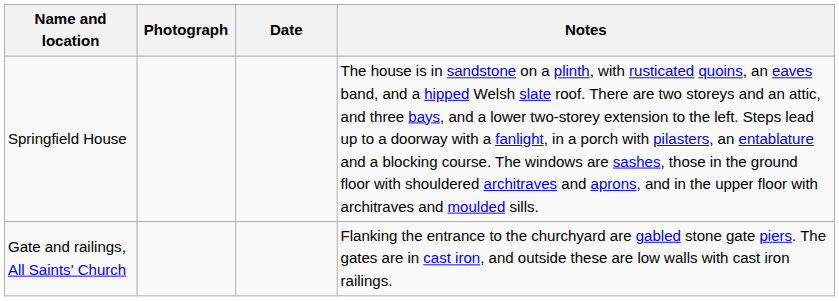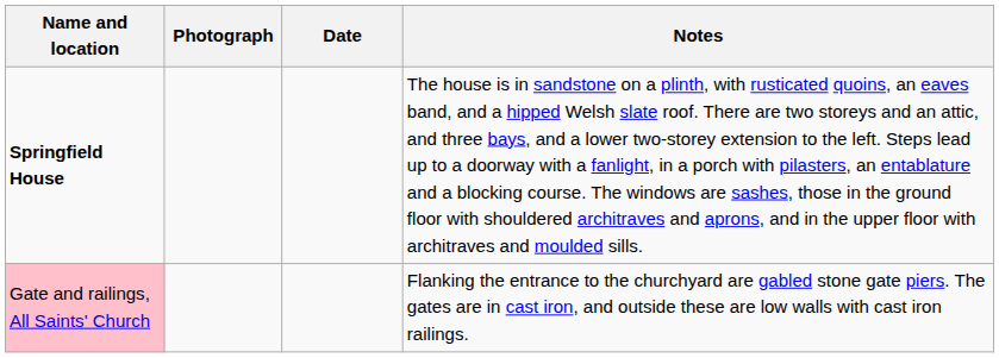 <table class="wikitable sortable plainrowheaders" style="width:100%;border:0px;text-align:left;line-height:150%;">
 <tr>
 <th scope="col"  style="width:150px">Name and location</th>
 <th scope="col"  style="width:100px" class="unsortable">Photograph</th>
 <th scope="col"  style="width:120px">Date</th>
 <th scope="col"  style="width:650px" class="unsortable">Notes</th>
 </tr>
 <tr>
-<td>Springfield House<br><small></small></td>
+<td><strong>Springfield House<br><small></small></strong></td>
 <td></td>
 <td align="center"></td>
 <td>The house is in <a href='#'>sandstone</a> on a <a href='#'>plinth</a>, with <a href='#'>rusticated</a> <a href='#'>quoins</a>, an <a href='#'>eaves</a> band, and a <a href='#'>hipped</a> Welsh <a href='#'>slate</a> roof. There are two storeys and an attic, and three <a href='#'>bays</a>, and a lower two-storey extension to the left. Steps lead up to a doorway with a <a href='#'>fanlight</a>, in a porch with <a href='#'>pilasters</a>, an <a href='#'>entablature</a> and a blocking course. The windows are <a href='#'>sashes</a>, those in the ground floor with shouldered <a href='#'>architraves</a> and <a href='#'>aprons</a>, and in the upper floor with architraves and <a href='#'>moulded</a> sills.</td>
 </tr>
 <tr>
-<td>Gate and railings, <a href='#'>All Saints' Church</a><br><small></small></td>
+<td style="background: pink;">Gate and railings, <a href='#'>All Saints' Church</a><br><small></small></td>
 <td></td>
 <td align="center"></td>
 <td>Flanking the entrance to the churchyard are <a href='#'>gabled</a> stone gate <a href='#'>piers</a>. The gates are in <a href='#'>cast iron</a>, and outside these are low walls with cast iron railings.</td>
 </tr>
 <tr>
 </tr>
 </table>
